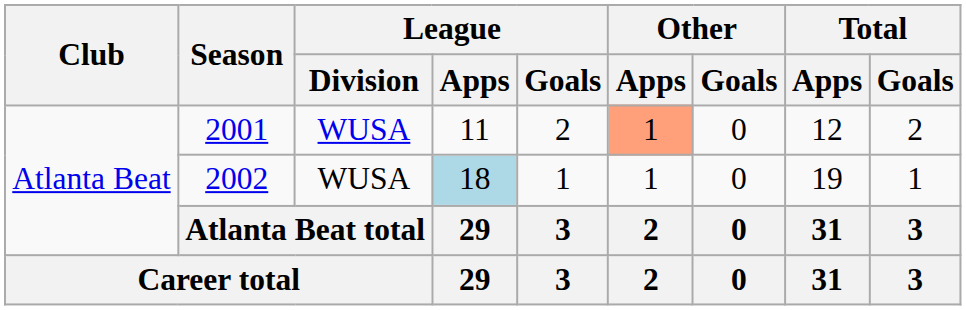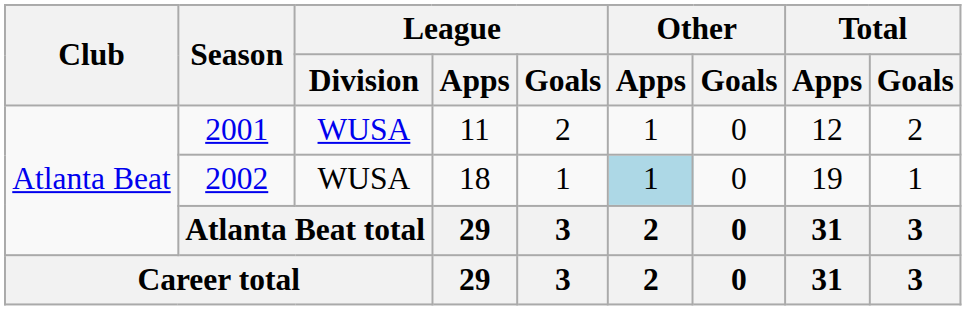 <table class="wikitable" style="text-align: center;">
 <tr>
 <th rowspan=2>Club</th>
 <th rowspan=2>Season</th>
 <th colspan=3>League</th>
 <th colspan=2>Other</th>
 <th colspan=2>Total</th>
 </tr>
 <tr>
 <th>Division</th>
 <th>Apps</th>
 <th>Goals</th>
 <th>Apps</th>
 <th>Goals</th>
 <th>Apps</th>
 <th>Goals</th>
 </tr>
 <tr>
 <td rowspan=3><a href='#'>Atlanta Beat</a></td>
 <td><a href='#'>2001</a></td>
 <td><a href='#'>WUSA</a></td>
 <td>11</td>
 <td>2</td>
-<td style="background: lightsalmon;">1</td>
+<td>1</td>
 <td>0</td>
 <td>12</td>
 <td>2</td>
 </tr>
 <tr>
 <td><a href='#'>2002</a></td>
 <td>WUSA</td>
-<td style="background: lightblue;">18</td>
+<td>18</td>
 <td>1</td>
-<td>1</td>
+<td style="background: lightblue;">1</td>
 <td>0</td>
 <td>19</td>
 <td>1</td>
 </tr>
 <tr>
 <th colspan=2>Atlanta Beat total</th>
 <th>29</th>
 <th>3</th>
 <th>2</th>
 <th>0</th>
 <th>31</th>
 <th>3</th>
 </tr>
 <tr>
 <th colspan=3>Career total</th>
 <th>29</th>
 <th>3</th>
 <th>2</th>
 <th>0</th>
 <th>31</th>
 <th>3</th>
 </tr>
 </table>
